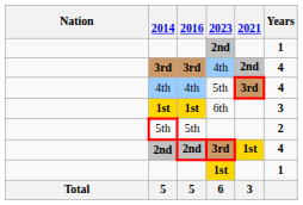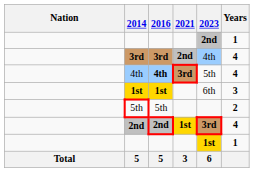 <table class="wikitable" style="text-align:center; font-size:90%">
 <tr>
 <th width=170>Nation</th>
 <th><br><a href='#'>2014</a></th>
 <th><br><a href='#'>2016</a></th>
+<th><br><a href='#'>2021</a></th>
 <th><br><a href='#'>2023</a></th>
-<th><br><a href='#'>2021</a></th>
 <th>Years</th>
 </tr>
 <tr>
 <td align=left></td>
 <td></td>
 <td></td>
+<td></td>
 <td bgcolor=silver><strong>2nd</strong></td>
-<td></td>
 <td><strong>1</strong></td>
 </tr>
 <tr>
 <td align=left></td>
 <td bgcolor=#cc9966><strong>3rd</strong></td>
 <td bgcolor=#cc9966><strong>3rd</strong></td>
+<td bgcolor=silver><strong>2nd</strong></td>
 <td bgcolor=#9acdff>4th</td>
-<td bgcolor=silver><strong>2nd</strong></td>
 <td><strong>4</strong></td>
 </tr>
 <tr>
 <td align=left></td>
 <td bgcolor=#9acdff>4th</td>
-<td bgcolor=#9acdff>4th</td>
+<td bgcolor=#9acdff><strong>4th</strong></td>
+<td bgcolor=#cc9966 style="border:3px solid red"><strong>3rd</strong></td>
 <td>5th</td>
-<td bgcolor=#cc9966 style="border:3px solid red"><strong>3rd</strong></td>
 <td><strong>4</strong></td>
 </tr>
 <tr>
 <td align=left></td>
 <td bgcolor=gold><strong>1st</strong></td>
 <td bgcolor=gold><strong>1st</strong></td>
+<td></td>
 <td>6th</td>
-<td></td>
 <td><strong>3</strong></td>
 </tr>
 <tr>
 <td align=left></td>
 <td style="border:3px solid red">5th</td>
 <td>5th</td>
 <td></td>
 <td></td>
 <td><strong>2</strong></td>
 </tr>
 <tr>
 <td align=left></td>
 <td bgcolor=silver><strong>2nd</strong></td>
 <td bgcolor=silver style="border:3px solid red"><strong>2nd</strong></td>
+<td bgcolor=gold><strong>1st</strong></td>
 <td bgcolor=#cc9966 style="border:3px solid red"><strong>3rd</strong></td>
-<td bgcolor=gold><strong>1st</strong></td>
 <td><strong>4</strong></td>
 </tr>
 <tr>
 <td align=left></td>
 <td></td>
 <td></td>
+<td></td>
 <td bgcolor=gold><strong>1st</strong></td>
-<td></td>
 <td><strong>1</strong></td>
 </tr>
 <tr>
 <th>Total</th>
 <th>5</th>
 <th>5</th>
+<th>3</th>
 <th>6</th>
-<th>3</th>
 <th></th>
 </tr>
 </table>
